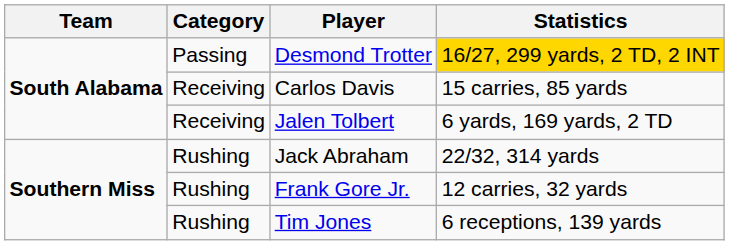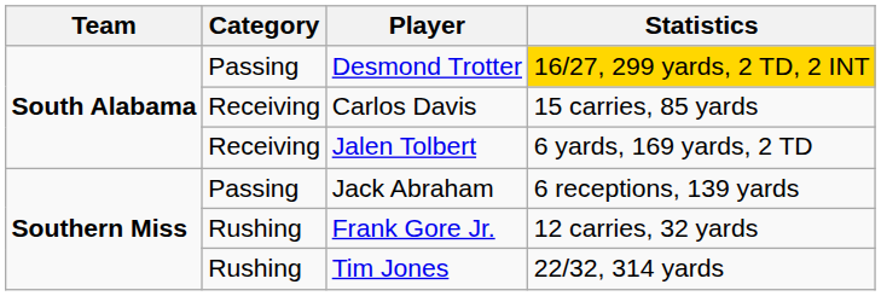 <table class="wikitable" style="float: left;">
 <tr>
 <th>Team</th>
 <th>Category</th>
 <th>Player</th>
 <th>Statistics</th>
 </tr>
 <tr>
 <td rowspan=3><strong>South Alabama</strong></td>
 <td>Passing</td>
 <td><a href='#'>Desmond Trotter</a></td>
 <td style="background: gold;">16/27, 299 yards, 2 TD, 2 INT</td>
 </tr>
 <tr>
 <td>Receiving</td>
 <td>Carlos Davis</td>
 <td>15 carries, 85 yards</td>
 </tr>
 <tr>
 <td>Receiving</td>
 <td><a href='#'>Jalen Tolbert</a></td>
 <td>6 yards, 169 yards, 2 TD</td>
 </tr>
 <tr>
 <td rowspan=3><strong>Southern Miss</strong></td>
-<td>Rushing</td>
+<td>Passing</td>
 <td>Jack Abraham</td>
-<td>22/32, 314 yards</td>
+<td>6 receptions, 139 yards</td>
 </tr>
 <tr>
 <td>Rushing</td>
 <td><a href='#'>Frank Gore Jr.</a></td>
 <td>12 carries, 32 yards</td>
 </tr>
 <tr>
 <td>Rushing</td>
 <td><a href='#'>Tim Jones</a></td>
-<td>6 receptions, 139 yards</td>
+<td>22/32, 314 yards</td>
 </tr>
 </table>
